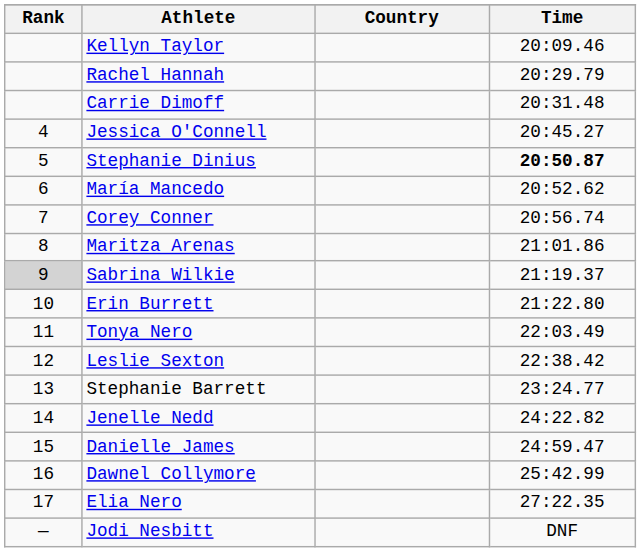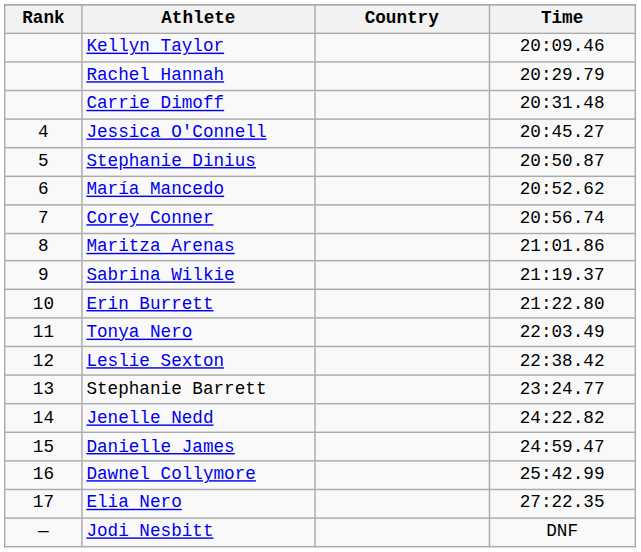 <table class="wikitable sortable" style=" text-align:center; font-size:95%;" width="50%">
 <tr>
 </tr>
 <tr>
 <th width=5%>Rank</th>
 <th width=20%>Athlete</th>
 <th width=15%>Country</th>
 <th width=10%>Time</th>
 </tr>
 <tr>
 <td align=center></td>
 <td align=left><a href='#'>Kellyn Taylor</a></td>
 <td align=left></td>
 <td>20:09.46</td>
 </tr>
 <tr>
 <td align=center></td>
 <td align=left><a href='#'>Rachel Hannah</a></td>
 <td align=left></td>
 <td>20:29.79</td>
 </tr>
 <tr>
 <td align=center></td>
 <td align=left><a href='#'>Carrie Dimoff</a></td>
 <td align=left></td>
 <td>20:31.48</td>
 </tr>
 <tr>
 <td align=center>4</td>
 <td align=left><a href='#'>Jessica O'Connell</a></td>
 <td align=left></td>
 <td>20:45.27</td>
 </tr>
 <tr>
 <td align=center>5</td>
 <td align=left><a href='#'>Stephanie Dinius</a></td>
 <td align=left></td>
-<td><strong>20:50.87</strong></td>
+<td>20:50.87</td>
 </tr>
 <tr>
 <td align=center>6</td>
 <td align=left><a href='#'>María Mancedo</a></td>
 <td align=left></td>
 <td>20:52.62</td>
 </tr>
 <tr>
 <td align=center>7</td>
 <td align=left><a href='#'>Corey Conner</a></td>
 <td align=left></td>
 <td>20:56.74</td>
 </tr>
 <tr>
 <td align=center>8</td>
 <td align=left><a href='#'>Maritza Arenas</a></td>
 <td align=left></td>
 <td>21:01.86</td>
 </tr>
 <tr>
-<td align=center style="background: lightgrey;">9</td>
+<td align=center>9</td>
 <td align=left><a href='#'>Sabrina Wilkie</a></td>
 <td align=left></td>
 <td>21:19.37</td>
 </tr>
 <tr>
 <td align=center>10</td>
 <td align=left><a href='#'>Erin Burrett</a></td>
 <td align=left></td>
 <td>21:22.80</td>
 </tr>
 <tr>
 <td align=center>11</td>
 <td align=left><a href='#'>Tonya Nero</a></td>
 <td align=left></td>
 <td>22:03.49</td>
 </tr>
 <tr>
 <td align=center>12</td>
 <td align=left><a href='#'>Leslie Sexton</a></td>
 <td align=left></td>
 <td>22:38.42</td>
 </tr>
 <tr>
 <td align=center>13</td>
 <td align=left>Stephanie Barrett</td>
 <td align=left></td>
 <td>23:24.77</td>
 </tr>
 <tr>
 <td align=center>14</td>
 <td align=left><a href='#'>Jenelle Nedd</a></td>
 <td align=left></td>
 <td>24:22.82</td>
 </tr>
 <tr>
 <td align=center>15</td>
 <td align=left><a href='#'>Danielle James</a></td>
 <td align=left></td>
 <td>24:59.47</td>
 </tr>
 <tr>
 <td align=center>16</td>
 <td align=left><a href='#'>Dawnel Collymore</a></td>
 <td align=left></td>
 <td>25:42.99</td>
 </tr>
 <tr>
 <td align=center>17</td>
 <td align=left><a href='#'>Elia Nero</a></td>
 <td align=left></td>
 <td>27:22.35</td>
 </tr>
 <tr>
 <td align=center>—</td>
 <td align=left><a href='#'>Jodi Nesbitt</a></td>
 <td align=left></td>
 <td>DNF</td>
 </tr>
 </table>
